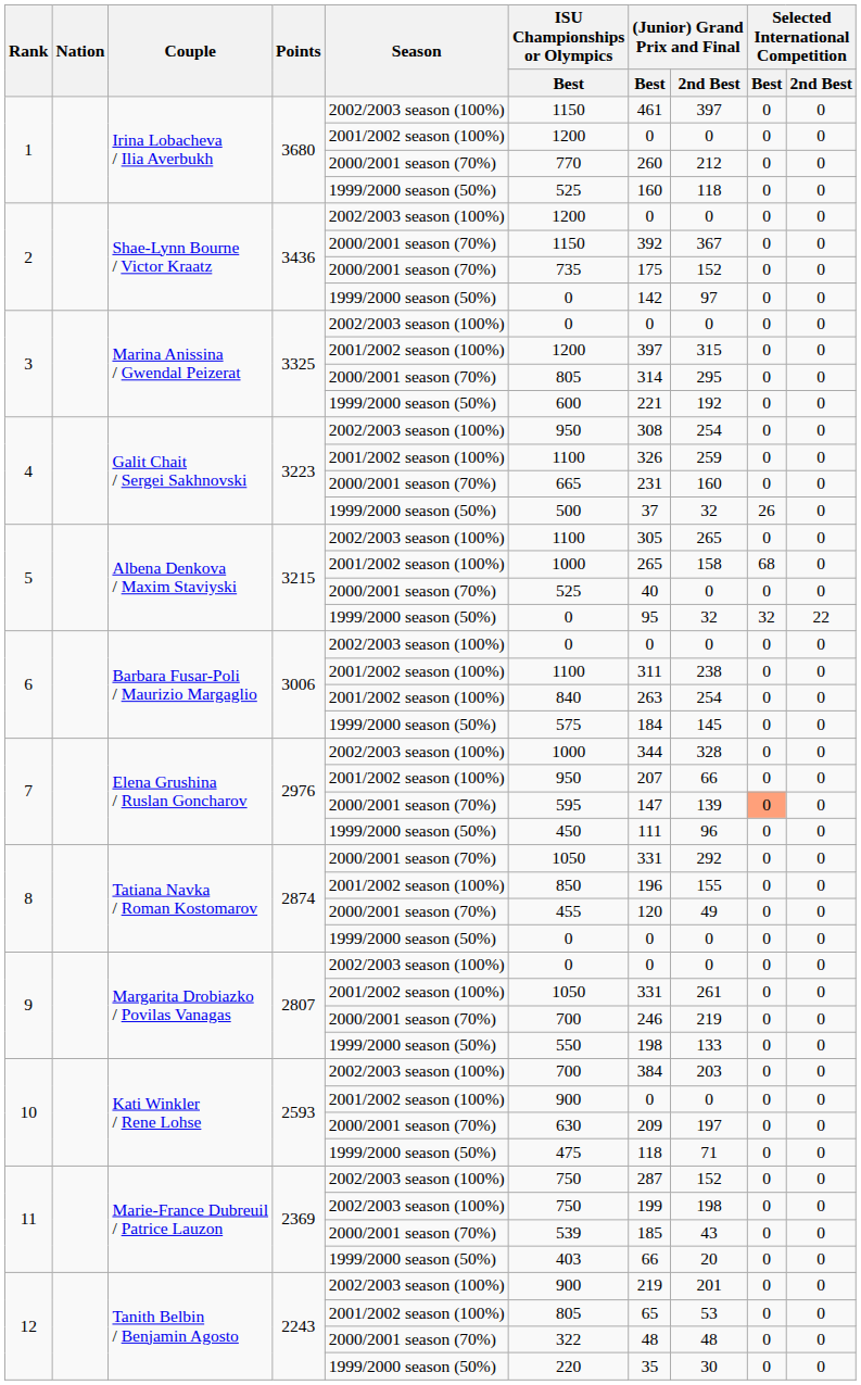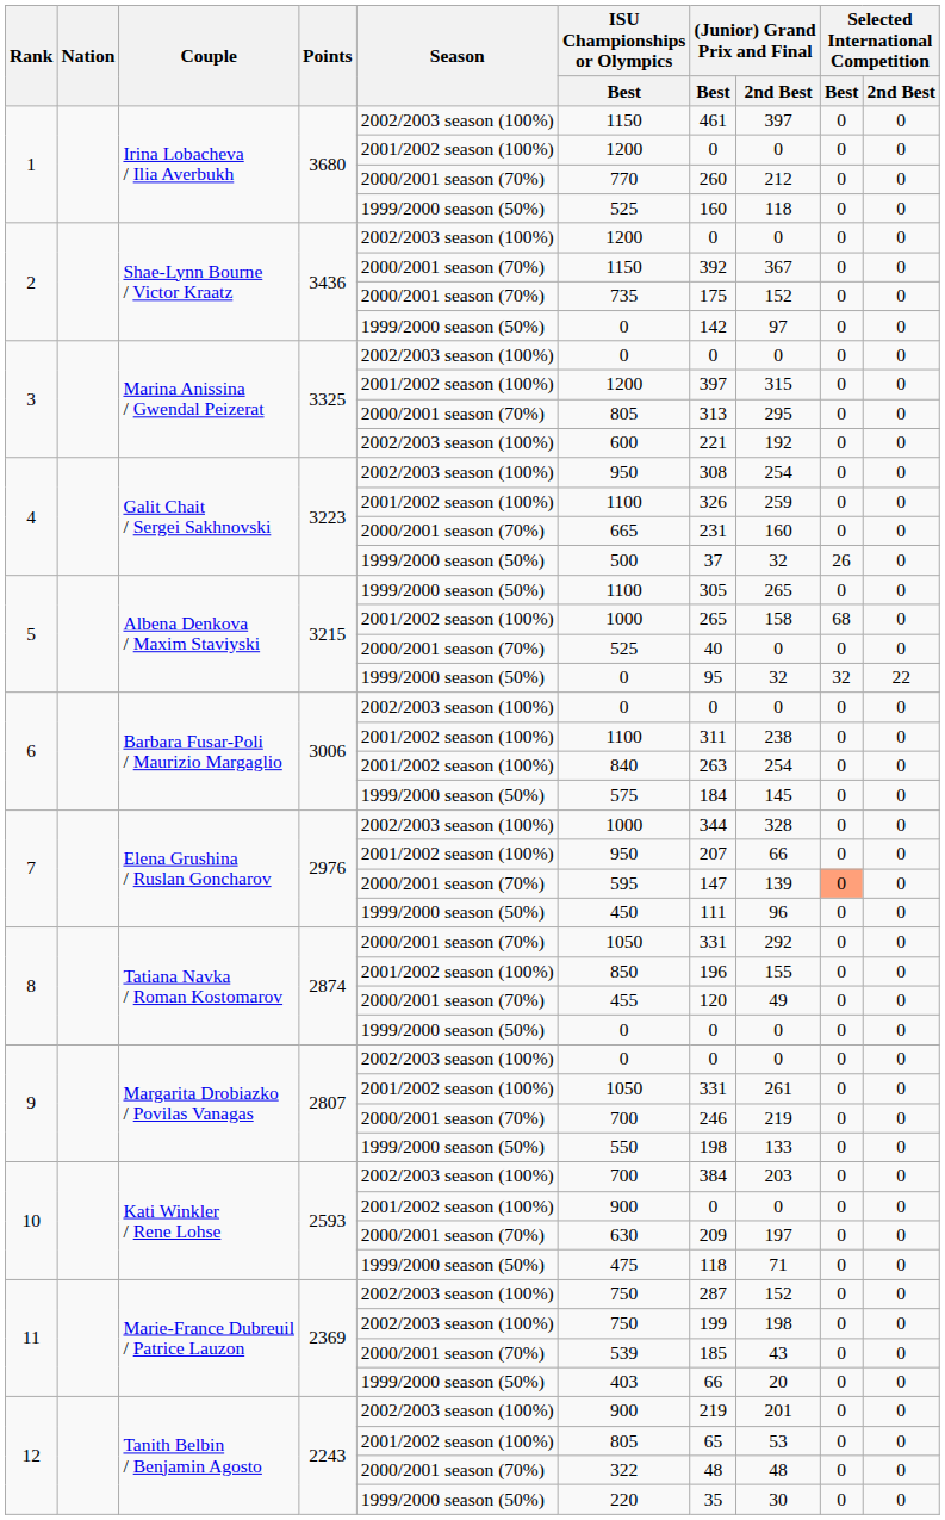 <table class="wikitable sortable" style="text-align: center;">
 <tr>
 <th rowspan="2">Rank</th>
 <th rowspan="2">Nation</th>
 <th rowspan="2">Couple</th>
 <th rowspan="2">Points</th>
 <th rowspan="2">Season</th>
 <th>ISU <br> Championships <br> or Olympics</th>
 <th colspan="2">(Junior) Grand <br> Prix and Final</th>
 <th colspan="2">Selected <br> International <br> Competition</th>
 </tr>
 <tr>
 <th>Best</th>
 <th>Best</th>
 <th>2nd Best</th>
 <th>Best</th>
 <th>2nd Best</th>
 </tr>
 <tr>
 <td rowspan="4">1</td>
 <td rowspan="4" style="text-align: left;"></td>
 <td rowspan="4" style="text-align: left;"><a href='#'>Irina Lobacheva</a> <br>/ <a href='#'>Ilia Averbukh</a></td>
 <td rowspan="4">3680</td>
 <td style="text-align: left;">2002/2003 season (100%)</td>
 <td>1150</td>
 <td>461</td>
 <td>397</td>
 <td>0</td>
 <td>0</td>
 </tr>
 <tr>
 <td style="text-align: left;">2001/2002 season (100%)</td>
 <td>1200</td>
 <td>0</td>
 <td>0</td>
 <td>0</td>
 <td>0</td>
 </tr>
 <tr>
 <td style="text-align: left;">2000/2001 season (70%)</td>
 <td>770</td>
 <td>260</td>
 <td>212</td>
 <td>0</td>
 <td>0</td>
 </tr>
 <tr>
 <td style="text-align: left;">1999/2000 season (50%)</td>
 <td>525</td>
 <td>160</td>
 <td>118</td>
 <td>0</td>
 <td>0</td>
 </tr>
 <tr>
 <td rowspan="4">2</td>
 <td rowspan="4" style="text-align: left;"></td>
 <td rowspan="4" style="text-align: left;"><a href='#'>Shae-Lynn Bourne</a> <br>/ <a href='#'>Victor Kraatz</a></td>
 <td rowspan="4">3436</td>
 <td style="text-align: left;">2002/2003 season (100%)</td>
 <td>1200</td>
 <td>0</td>
 <td>0</td>
 <td>0</td>
 <td>0</td>
 </tr>
 <tr>
 <td style="text-align: left;">2000/2001 season (70%)</td>
 <td>1150</td>
 <td>392</td>
 <td>367</td>
 <td>0</td>
 <td>0</td>
 </tr>
 <tr>
 <td style="text-align: left;">2000/2001 season (70%)</td>
 <td>735</td>
 <td>175</td>
 <td>152</td>
 <td>0</td>
 <td>0</td>
 </tr>
 <tr>
 <td style="text-align: left;">1999/2000 season (50%)</td>
 <td>0</td>
 <td>142</td>
 <td>97</td>
 <td>0</td>
 <td>0</td>
 </tr>
 <tr>
 <td rowspan="4">3</td>
 <td rowspan="4" style="text-align: left;"></td>
 <td rowspan="4" style="text-align: left;"><a href='#'>Marina Anissina</a> <br>/ <a href='#'>Gwendal Peizerat</a></td>
 <td rowspan="4">3325</td>
 <td style="text-align: left;">2002/2003 season (100%)</td>
 <td>0</td>
 <td>0</td>
 <td>0</td>
 <td>0</td>
 <td>0</td>
 </tr>
 <tr>
 <td style="text-align: left;">2001/2002 season (100%)</td>
 <td>1200</td>
 <td>397</td>
 <td>315</td>
 <td>0</td>
 <td>0</td>
 </tr>
 <tr>
 <td style="text-align: left;">2000/2001 season (70%)</td>
 <td>805</td>
-<td>314</td>
+<td>313</td>
 <td>295</td>
 <td>0</td>
 <td>0</td>
 </tr>
 <tr>
-<td style="text-align: left;">1999/2000 season (50%)</td>
+<td style="text-align: left;">2002/2003 season (100%)</td>
 <td>600</td>
 <td>221</td>
 <td>192</td>
 <td>0</td>
 <td>0</td>
 </tr>
 <tr>
 <td rowspan="4">4</td>
 <td rowspan="4" style="text-align: left;"></td>
 <td rowspan="4" style="text-align: left;"><a href='#'>Galit Chait</a> <br>/ <a href='#'>Sergei Sakhnovski</a></td>
 <td rowspan="4">3223</td>
 <td style="text-align: left;">2002/2003 season (100%)</td>
 <td>950</td>
 <td>308</td>
 <td>254</td>
 <td>0</td>
 <td>0</td>
 </tr>
 <tr>
 <td style="text-align: left;">2001/2002 season (100%)</td>
 <td>1100</td>
 <td>326</td>
 <td>259</td>
 <td>0</td>
 <td>0</td>
 </tr>
 <tr>
 <td style="text-align: left;">2000/2001 season (70%)</td>
 <td>665</td>
 <td>231</td>
 <td>160</td>
 <td>0</td>
 <td>0</td>
 </tr>
 <tr>
 <td style="text-align: left;">1999/2000 season (50%)</td>
 <td>500</td>
 <td>37</td>
 <td>32</td>
 <td>26</td>
 <td>0</td>
 </tr>
 <tr>
 <td rowspan="4">5</td>
 <td rowspan="4" style="text-align: left;"></td>
 <td rowspan="4" style="text-align: left;"><a href='#'>Albena Denkova</a> <br>/ <a href='#'>Maxim Staviyski</a></td>
 <td rowspan="4">3215</td>
-<td style="text-align: left;">2002/2003 season (100%)</td>
+<td style="text-align: left;">1999/2000 season (50%)</td>
 <td>1100</td>
 <td>305</td>
 <td>265</td>
 <td>0</td>
 <td>0</td>
 </tr>
 <tr>
 <td style="text-align: left;">2001/2002 season (100%)</td>
 <td>1000</td>
 <td>265</td>
 <td>158</td>
 <td>68</td>
 <td>0</td>
 </tr>
 <tr>
 <td style="text-align: left;">2000/2001 season (70%)</td>
 <td>525</td>
 <td>40</td>
 <td>0</td>
 <td>0</td>
 <td>0</td>
 </tr>
 <tr>
 <td style="text-align: left;">1999/2000 season (50%)</td>
 <td>0</td>
 <td>95</td>
 <td>32</td>
 <td>32</td>
 <td>22</td>
 </tr>
 <tr>
 <td rowspan="4">6</td>
 <td rowspan="4" style="text-align: left;"></td>
 <td rowspan="4" style="text-align: left;"><a href='#'>Barbara Fusar-Poli</a> <br>/ <a href='#'>Maurizio Margaglio</a></td>
 <td rowspan="4">3006</td>
 <td style="text-align: left;">2002/2003 season (100%)</td>
 <td>0</td>
 <td>0</td>
 <td>0</td>
 <td>0</td>
 <td>0</td>
 </tr>
 <tr>
 <td style="text-align: left;">2001/2002 season (100%)</td>
 <td>1100</td>
 <td>311</td>
 <td>238</td>
 <td>0</td>
 <td>0</td>
 </tr>
 <tr>
 <td style="text-align: left;">2001/2002 season (100%)</td>
 <td>840</td>
 <td>263</td>
 <td>254</td>
 <td>0</td>
 <td>0</td>
 </tr>
 <tr>
 <td style="text-align: left;">1999/2000 season (50%)</td>
 <td>575</td>
 <td>184</td>
 <td>145</td>
 <td>0</td>
 <td>0</td>
 </tr>
 <tr>
 <td rowspan="4">7</td>
 <td rowspan="4" style="text-align: left;"></td>
 <td rowspan="4" style="text-align: left;"><a href='#'>Elena Grushina</a> <br>/ <a href='#'>Ruslan Goncharov</a></td>
 <td rowspan="4">2976</td>
 <td style="text-align: left;">2002/2003 season (100%)</td>
 <td>1000</td>
 <td>344</td>
 <td>328</td>
 <td>0</td>
 <td>0</td>
 </tr>
 <tr>
 <td style="text-align: left;">2001/2002 season (100%)</td>
 <td>950</td>
 <td>207</td>
 <td>66</td>
 <td>0</td>
 <td>0</td>
 </tr>
 <tr>
 <td style="text-align: left;">2000/2001 season (70%)</td>
 <td>595</td>
 <td>147</td>
 <td>139</td>
 <td style="background: lightsalmon;">0</td>
 <td>0</td>
 </tr>
 <tr>
 <td style="text-align: left;">1999/2000 season (50%)</td>
 <td>450</td>
 <td>111</td>
 <td>96</td>
 <td>0</td>
 <td>0</td>
 </tr>
 <tr>
 <td rowspan="4">8</td>
 <td rowspan="4" style="text-align: left;"></td>
 <td rowspan="4" style="text-align: left;"><a href='#'>Tatiana Navka</a> <br>/ <a href='#'>Roman Kostomarov</a></td>
 <td rowspan="4">2874</td>
 <td style="text-align: left;">2000/2001 season (70%)</td>
 <td>1050</td>
 <td>331</td>
 <td>292</td>
 <td>0</td>
 <td>0</td>
 </tr>
 <tr>
 <td style="text-align: left;">2001/2002 season (100%)</td>
 <td>850</td>
 <td>196</td>
 <td>155</td>
 <td>0</td>
 <td>0</td>
 </tr>
 <tr>
 <td style="text-align: left;">2000/2001 season (70%)</td>
 <td>455</td>
 <td>120</td>
 <td>49</td>
 <td>0</td>
 <td>0</td>
 </tr>
 <tr>
 <td style="text-align: left;">1999/2000 season (50%)</td>
 <td>0</td>
 <td>0</td>
 <td>0</td>
 <td>0</td>
 <td>0</td>
 </tr>
 <tr>
 <td rowspan="4">9</td>
 <td rowspan="4" style="text-align: left;"></td>
 <td rowspan="4" style="text-align: left;"><a href='#'>Margarita Drobiazko</a> <br>/ <a href='#'>Povilas Vanagas</a></td>
 <td rowspan="4">2807</td>
 <td style="text-align: left;">2002/2003 season (100%)</td>
 <td>0</td>
 <td>0</td>
 <td>0</td>
 <td>0</td>
 <td>0</td>
 </tr>
 <tr>
 <td style="text-align: left;">2001/2002 season (100%)</td>
 <td>1050</td>
 <td>331</td>
 <td>261</td>
 <td>0</td>
 <td>0</td>
 </tr>
 <tr>
 <td style="text-align: left;">2000/2001 season (70%)</td>
 <td>700</td>
 <td>246</td>
 <td>219</td>
 <td>0</td>
 <td>0</td>
 </tr>
 <tr>
 <td style="text-align: left;">1999/2000 season (50%)</td>
 <td>550</td>
 <td>198</td>
 <td>133</td>
 <td>0</td>
 <td>0</td>
 </tr>
 <tr>
 <td rowspan="4">10</td>
 <td rowspan="4" style="text-align: left;"></td>
 <td rowspan="4" style="text-align: left;"><a href='#'>Kati Winkler</a> <br>/ <a href='#'>Rene Lohse</a></td>
 <td rowspan="4">2593</td>
 <td style="text-align: left;">2002/2003 season (100%)</td>
 <td>700</td>
 <td>384</td>
 <td>203</td>
 <td>0</td>
 <td>0</td>
 </tr>
 <tr>
 <td style="text-align: left;">2001/2002 season (100%)</td>
 <td>900</td>
 <td>0</td>
 <td>0</td>
 <td>0</td>
 <td>0</td>
 </tr>
 <tr>
 <td style="text-align: left;">2000/2001 season (70%)</td>
 <td>630</td>
 <td>209</td>
 <td>197</td>
 <td>0</td>
 <td>0</td>
 </tr>
 <tr>
 <td style="text-align: left;">1999/2000 season (50%)</td>
 <td>475</td>
 <td>118</td>
 <td>71</td>
 <td>0</td>
 <td>0</td>
 </tr>
 <tr>
 <td rowspan="4">11</td>
 <td rowspan="4" style="text-align: left;"></td>
 <td rowspan="4" style="text-align: left;"><a href='#'>Marie-France Dubreuil</a> <br>/ <a href='#'>Patrice Lauzon</a></td>
 <td rowspan="4">2369</td>
 <td style="text-align: left;">2002/2003 season (100%)</td>
 <td>750</td>
 <td>287</td>
 <td>152</td>
 <td>0</td>
 <td>0</td>
 </tr>
 <tr>
 <td style="text-align: left;">2002/2003 season (100%)</td>
 <td>750</td>
 <td>199</td>
 <td>198</td>
 <td>0</td>
 <td>0</td>
 </tr>
 <tr>
 <td style="text-align: left;">2000/2001 season (70%)</td>
 <td>539</td>
 <td>185</td>
 <td>43</td>
 <td>0</td>
 <td>0</td>
 </tr>
 <tr>
 <td style="text-align: left;">1999/2000 season (50%)</td>
 <td>403</td>
 <td>66</td>
 <td>20</td>
 <td>0</td>
 <td>0</td>
 </tr>
 <tr>
 <td rowspan="4">12</td>
 <td rowspan="4" style="text-align: left;"></td>
 <td rowspan="4" style="text-align: left;"><a href='#'>Tanith Belbin</a> <br>/ <a href='#'>Benjamin Agosto</a></td>
 <td rowspan="4">2243</td>
 <td style="text-align: left;">2002/2003 season (100%)</td>
 <td>900</td>
 <td>219</td>
 <td>201</td>
 <td>0</td>
 <td>0</td>
 </tr>
 <tr>
 <td style="text-align: left;">2001/2002 season (100%)</td>
 <td>805</td>
 <td>65</td>
 <td>53</td>
 <td>0</td>
 <td>0</td>
 </tr>
 <tr>
 <td style="text-align: left;">2000/2001 season (70%)</td>
 <td>322</td>
 <td>48</td>
 <td>48</td>
 <td>0</td>
 <td>0</td>
 </tr>
 <tr>
 <td style="text-align: left;">1999/2000 season (50%)</td>
 <td>220</td>
 <td>35</td>
 <td>30</td>
 <td>0</td>
 <td>0</td>
 </tr>
 </table>
